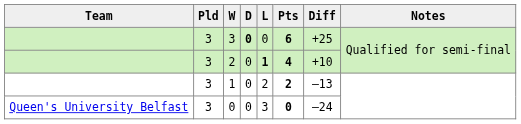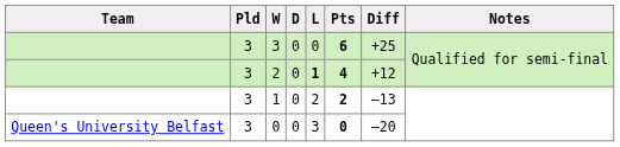 <table style=border-collapse:collapse border=1 cellspacing=0 cellpadding=5>
 <tr align=center bgcolor=#efefef>
 <th>Team</th>
 <th>Pld</th>
 <th>W</th>
 <th>D</th>
 <th>L</th>
 <th>Pts</th>
 <th>Diff</th>
 <th>Notes</th>
 </tr>
 <tr align=center style="background:#D0F0C0;">
 <td style="text-align:left;"> </td>
 <td>3</td>
 <td>3</td>
-<td><strong>0</strong></td>
+<td>0</td>
 <td>0</td>
 <td><strong>6</strong></td>
 <td>+25</td>
 <td rowspan=2>Qualified for semi-final</td>
 </tr>
 <tr align=center style="background:#D0F0C0;">
 <td style="text-align:left;"> </td>
 <td>3</td>
 <td>2</td>
 <td>0</td>
 <td><strong>1</strong></td>
 <td><strong>4</strong></td>
-<td>+10</td>
+<td>+12</td>
 </tr>
 <tr align=center style="background:#FFFFFF;">
 <td style="text-align:left;"> </td>
 <td>3</td>
 <td>1</td>
 <td>0</td>
 <td>2</td>
 <td><strong>2</strong></td>
 <td>–13</td>
 <td rowspan=2></td>
 </tr>
 <tr align=center style="background:#FFFFFF;">
 <td style="text-align:left;"> <a href='#'>Queen's University Belfast</a></td>
 <td>3</td>
 <td>0</td>
 <td>0</td>
 <td>3</td>
 <td><strong>0</strong></td>
-<td>–24</td>
+<td>–20</td>
 </tr>
 </table>
